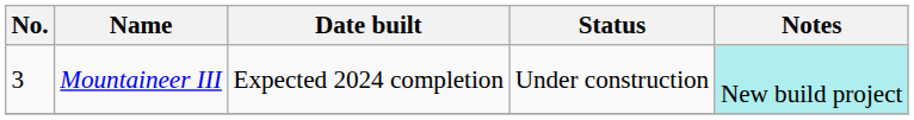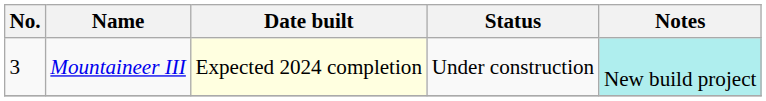 <table class="wikitable">
 <tr>
 <th>No.</th>
 <th>Name</th>
 <th>Date built</th>
 <th>Status</th>
 <th>Notes</th>
 </tr>
 <tr>
 <td>3</td>
 <td><a href='#'><em>Mountaineer III</em></a></td>
-<td>Expected 2024 completion</td>
+<td style="background: lightyellow;">Expected 2024 completion</td>
 <td>Under construction</td>
 <td style="background: paleturquoise;"><br>New build project</td>
 </tr>
 <tr>
 </tr>
 </table>
